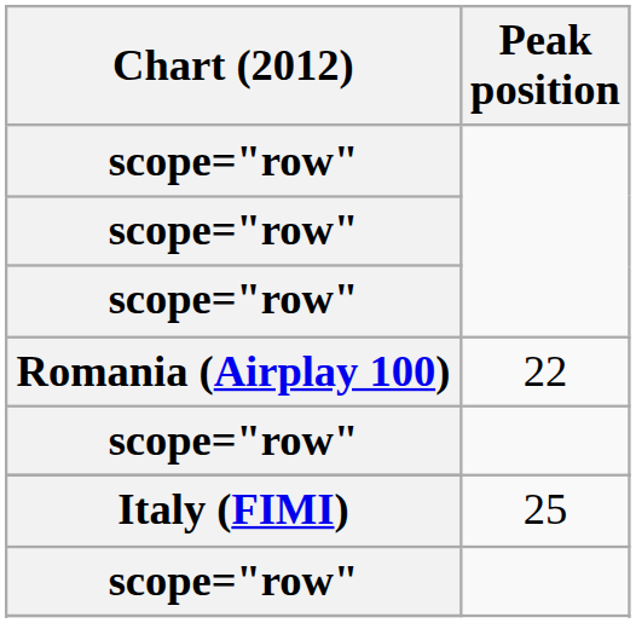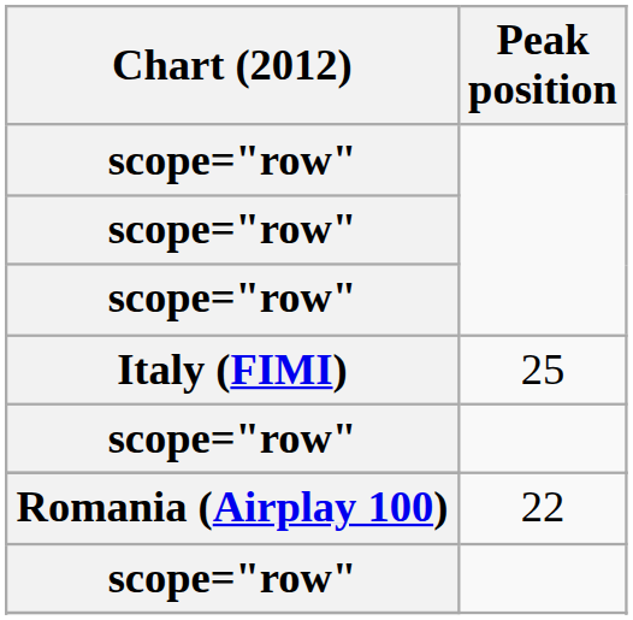 <table class="wikitable plainrowheaders unsortable">
 <tr>
 <th>Chart (2012)</th>
 <th>Peak<br>position</th>
 </tr>
 <tr>
 <th>scope="row" </th>
 </tr>
 <tr>
 <th>scope="row"</th>
 </tr>
 <tr>
 <th>scope="row"</th>
 </tr>
 <tr>
+<th scope="row">Italy (<a href='#'>FIMI</a>)</th>
+<td style="text-align:center;">25</td>
+</tr>
+<tr>
+<th>scope="row"</th>
+</tr>
+<tr>
+</tr>
+<tr>
 <th scope="row">Romania (<a href='#'>Airplay 100</a>)</th>
 <td style="text-align:center;">22</td>
 </tr>
 <tr>
 <th>scope="row"</th>
 </tr>
 <tr>
 </tr>
 <tr>
-<th scope="row">Italy (<a href='#'>FIMI</a>)</th>
-<td style="text-align:center;">25</td>
-</tr>
-<tr>
-<th>scope="row"</th>
-</tr>
-<tr>
-</tr>
-<tr>
 </tr>
 </table>
